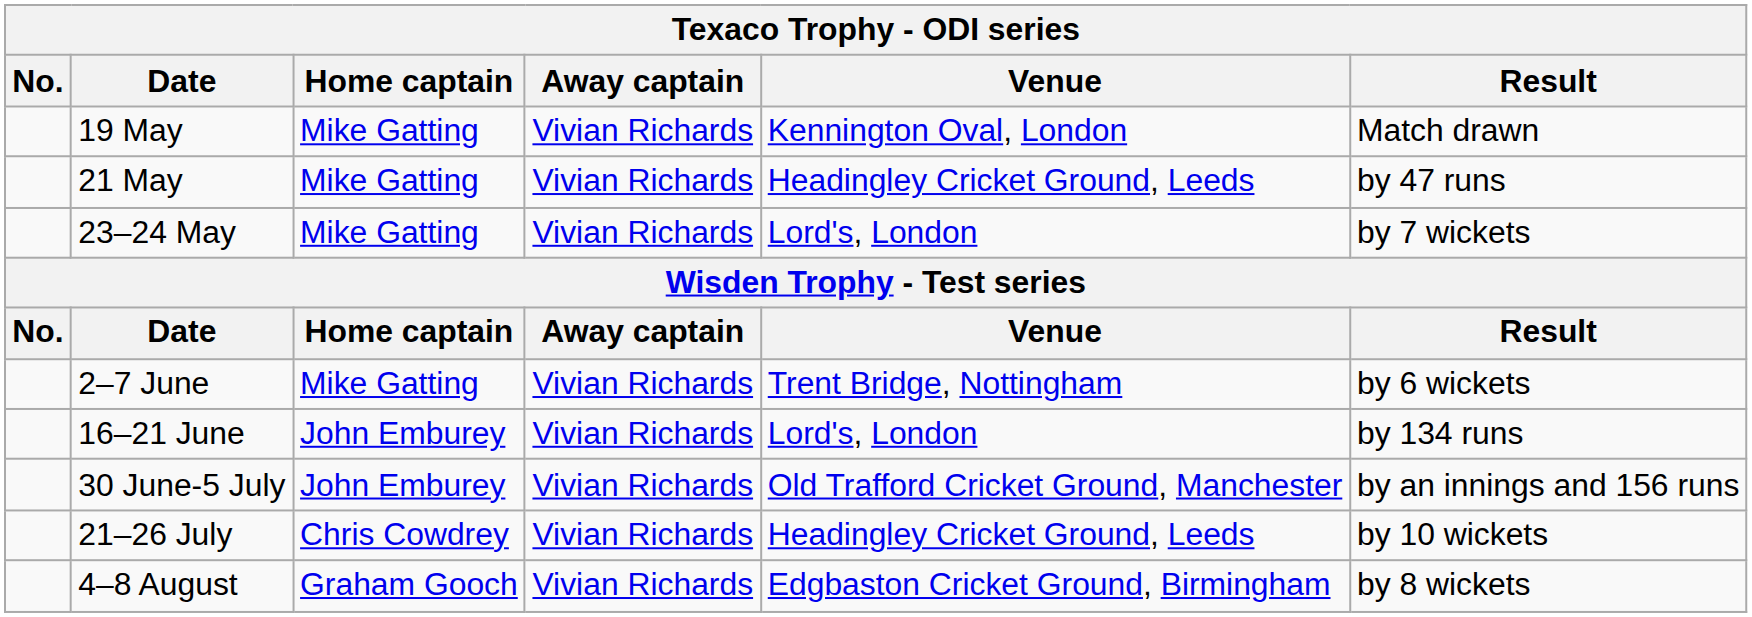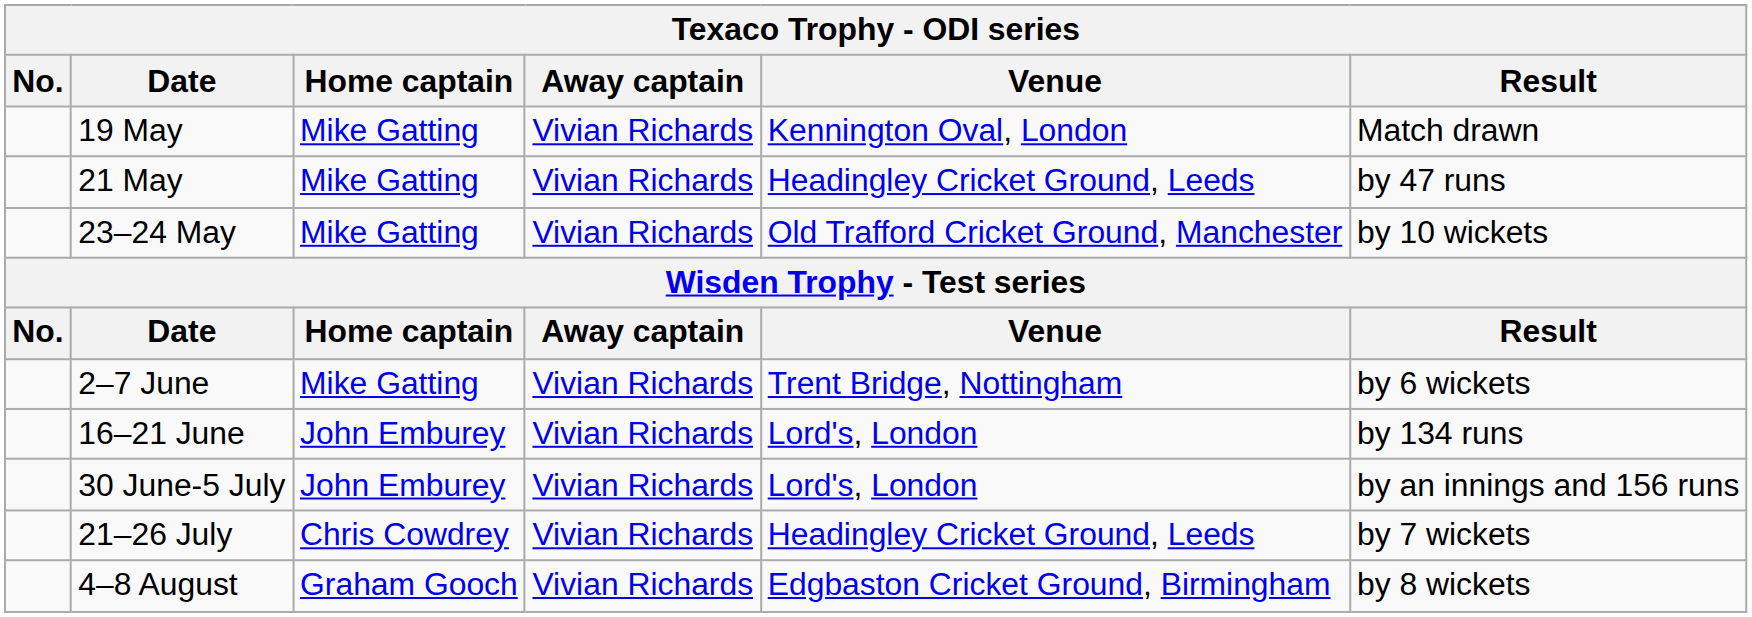 <table class="wikitable">
 <tr>
 <th colspan="9">Texaco Trophy - ODI series</th>
 </tr>
 <tr>
 <th>No.</th>
 <th>Date</th>
 <th>Home captain</th>
 <th>Away captain</th>
 <th>Venue</th>
 <th>Result</th>
 </tr>
 <tr>
 <td></td>
 <td>19 May</td>
 <td><a href='#'>Mike Gatting</a></td>
 <td><a href='#'>Vivian Richards</a></td>
 <td><a href='#'>Kennington Oval</a>, <a href='#'>London</a></td>
 <td>Match drawn</td>
 </tr>
 <tr>
 <td></td>
 <td>21 May</td>
 <td><a href='#'>Mike Gatting</a></td>
 <td><a href='#'>Vivian Richards</a></td>
 <td><a href='#'>Headingley Cricket Ground</a>, <a href='#'>Leeds</a></td>
 <td> by 47 runs</td>
 </tr>
 <tr>
 <td></td>
 <td>23–24 May</td>
 <td><a href='#'>Mike Gatting</a></td>
 <td><a href='#'>Vivian Richards</a></td>
-<td><a href='#'>Lord's</a>, <a href='#'>London</a></td>
-<td> by 7 wickets</td>
+<td><a href='#'>Old Trafford Cricket Ground</a>, <a href='#'>Manchester</a></td>
+<td> by 10 wickets</td>
 </tr>
 <tr>
 <th colspan="9"><a href='#'>Wisden Trophy</a> - Test series</th>
 </tr>
 <tr>
 <th>No.</th>
 <th>Date</th>
 <th>Home captain</th>
 <th>Away captain</th>
 <th>Venue</th>
 <th>Result</th>
 </tr>
 <tr>
 <td></td>
 <td>2–7 June</td>
 <td><a href='#'>Mike Gatting</a></td>
 <td><a href='#'>Vivian Richards</a></td>
 <td><a href='#'>Trent Bridge</a>, <a href='#'>Nottingham</a></td>
 <td> by 6 wickets</td>
 </tr>
 <tr>
 <td></td>
 <td>16–21 June</td>
 <td><a href='#'>John Emburey</a></td>
 <td><a href='#'>Vivian Richards</a></td>
 <td><a href='#'>Lord's</a>, <a href='#'>London</a></td>
 <td> by 134 runs</td>
 </tr>
 <tr>
 <td></td>
 <td>30 June-5 July</td>
 <td><a href='#'>John Emburey</a></td>
 <td><a href='#'>Vivian Richards</a></td>
-<td><a href='#'>Old Trafford Cricket Ground</a>, <a href='#'>Manchester</a></td>
+<td><a href='#'>Lord's</a>, <a href='#'>London</a></td>
 <td> by an innings and 156 runs</td>
 </tr>
 <tr>
 <td></td>
 <td>21–26 July</td>
 <td><a href='#'>Chris Cowdrey</a></td>
 <td><a href='#'>Vivian Richards</a></td>
 <td><a href='#'>Headingley Cricket Ground</a>, <a href='#'>Leeds</a></td>
-<td> by 10 wickets</td>
+<td> by 7 wickets</td>
 </tr>
 <tr>
 <td></td>
 <td>4–8 August</td>
 <td><a href='#'>Graham Gooch</a></td>
 <td><a href='#'>Vivian Richards</a></td>
 <td><a href='#'>Edgbaston Cricket Ground</a>, <a href='#'>Birmingham</a></td>
 <td> by 8 wickets</td>
 </tr>
 </table>
